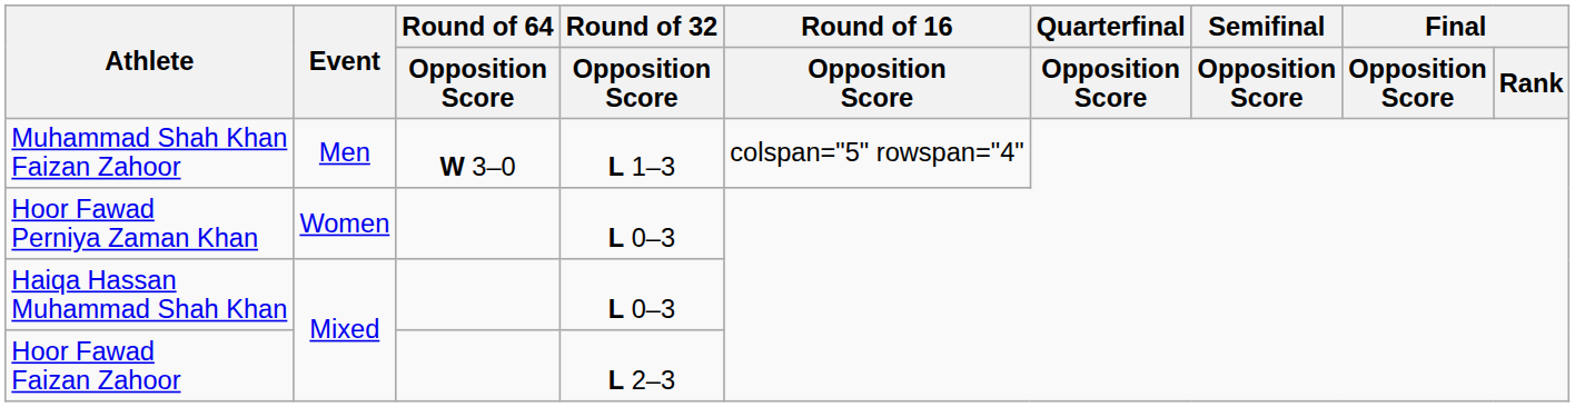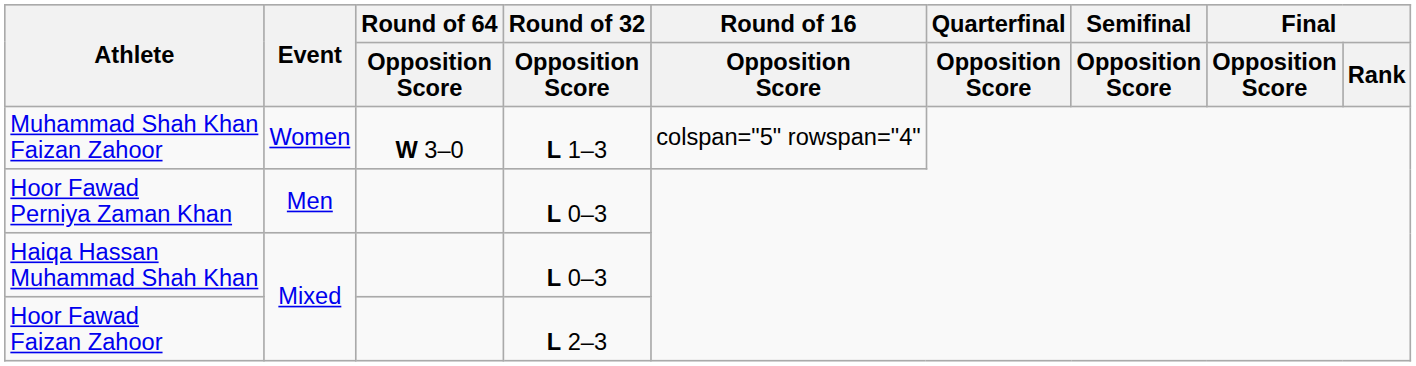 <table class=wikitable style=font-size:90%;text-align:center>
 <tr>
 <th rowspan="2">Athlete</th>
 <th rowspan="2">Event</th>
 <th>Round of 64</th>
 <th>Round of 32</th>
 <th>Round of 16</th>
 <th>Quarterfinal</th>
 <th>Semifinal</th>
 <th colspan="2">Final</th>
 </tr>
 <tr>
 <th>Opposition<br>Score</th>
 <th>Opposition<br>Score</th>
 <th>Opposition<br>Score</th>
 <th>Opposition<br>Score</th>
 <th>Opposition<br>Score</th>
 <th>Opposition<br>Score</th>
 <th>Rank</th>
 </tr>
 <tr>
 <td align=left><a href='#'>Muhammad Shah Khan</a><br><a href='#'>Faizan Zahoor</a></td>
-<td><a href='#'>Men</a></td>
+<td><a href='#'>Women</a></td>
 <td><br> <strong>W</strong> 3–0</td>
 <td><br> <strong>L</strong> 1–3</td>
 <td>colspan="5" rowspan="4"</td>
 </tr>
 <tr>
 <td align=left><a href='#'>Hoor Fawad</a><br><a href='#'>Perniya Zaman Khan</a></td>
-<td><a href='#'>Women</a></td>
+<td><a href='#'>Men</a></td>
 <td></td>
 <td><br> <strong>L</strong> 0–3</td>
 </tr>
 <tr>
 <td align=left><a href='#'>Haiqa Hassan</a><br><a href='#'>Muhammad Shah Khan</a></td>
 <td rowspan="2"><a href='#'>Mixed</a></td>
 <td></td>
 <td><br> <strong>L</strong> 0–3</td>
 </tr>
 <tr>
 <td align=left><a href='#'>Hoor Fawad</a><br><a href='#'>Faizan Zahoor</a></td>
 <td></td>
 <td><br> <strong>L</strong> 2–3</td>
 </tr>
 </table>
